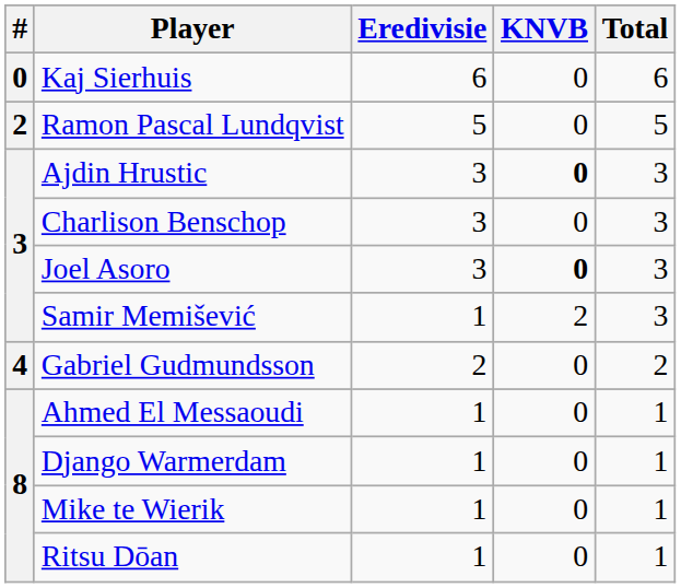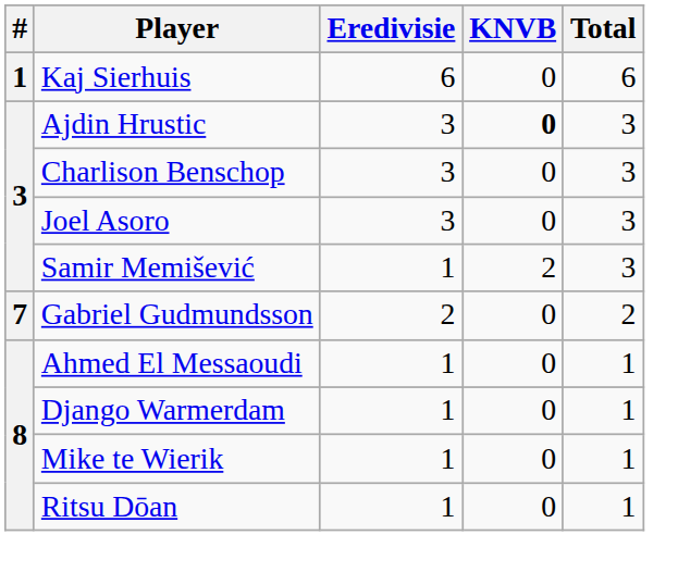 <table class="wikitable" style="text-align:right;">
 <tr>
 <th>#</th>
 <th>Player</th>
 <th><a href='#'>Eredivisie</a></th>
 <th><a href='#'>KNVB</a></th>
 <th>Total</th>
 </tr>
 <tr>
-<th align=center>0</th>
+<th align=center>1</th>
 <td align=left> <a href='#'>Kaj Sierhuis</a></td>
 <td>6</td>
 <td>0</td>
 <td>6</td>
-</tr>
-<tr>
-<th align=center>2</th>
-<td align=left> <a href='#'>Ramon Pascal Lundqvist</a></td>
-<td>5</td>
-<td>0</td>
-<td>5</td>
 </tr>
 <tr>
 <th rowspan=4 align=center>3</th>
 <td align=left> <a href='#'>Ajdin Hrustic</a></td>
 <td>3</td>
 <td><strong>0</strong></td>
 <td>3</td>
 </tr>
 <tr>
 <td align=left> <a href='#'>Charlison Benschop</a></td>
 <td>3</td>
 <td>0</td>
 <td>3</td>
 </tr>
 <tr>
 <td align=left> <a href='#'>Joel Asoro</a></td>
 <td>3</td>
-<td><strong>0</strong></td>
+<td>0</td>
 <td>3</td>
 </tr>
 <tr>
 <td align=left> <a href='#'>Samir Memišević</a></td>
 <td>1</td>
 <td>2</td>
 <td>3</td>
 </tr>
 <tr>
-<th align=center>4</th>
+<th align=center>7</th>
 <td align=left> <a href='#'>Gabriel Gudmundsson</a></td>
 <td>2</td>
 <td>0</td>
 <td>2</td>
 </tr>
 <tr>
 <th rowspan=4 align=center>8</th>
 <td align=left> <a href='#'>Ahmed El Messaoudi</a></td>
 <td>1</td>
 <td>0</td>
 <td>1</td>
 </tr>
 <tr>
 <td align=left> <a href='#'>Django Warmerdam</a></td>
 <td>1</td>
 <td>0</td>
 <td>1</td>
 </tr>
 <tr>
 <td align=left> <a href='#'>Mike te Wierik</a></td>
 <td>1</td>
 <td>0</td>
 <td>1</td>
 </tr>
 <tr>
 <td align=left> <a href='#'>Ritsu Dōan</a></td>
 <td>1</td>
 <td>0</td>
 <td>1</td>
 </tr>
 </table>
